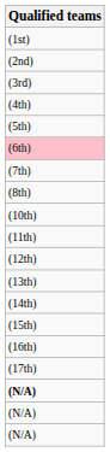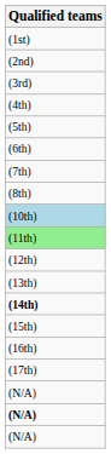 <table class="wikitable">
 <tr>
 <th>Qualified teams</th>
 </tr>
 <tr>
 <td> <small>(1st)</small></td>
 </tr>
 <tr>
 <td> <small>(2nd)</small></td>
 </tr>
 <tr>
 <td> <small>(3rd)</small></td>
 </tr>
 <tr>
 <td> <small>(4th)</small></td>
 </tr>
 <tr>
 <td> <small>(5th)</small></td>
 </tr>
 <tr>
-<td style="background: pink;"> <small>(6th)</small></td>
+<td> <small>(6th)</small></td>
 </tr>
 <tr>
 <td> <small>(7th)</small></td>
 </tr>
 <tr>
 <td> <small>(8th)</small></td>
 </tr>
 <tr>
-<td> <small>(10th)</small></td>
+<td style="background: lightblue;"> <small>(10th)</small></td>
 </tr>
 <tr>
-<td> <small>(11th)</small></td>
+<td style="background: lightgreen;"> <small>(11th)</small></td>
 </tr>
 <tr>
 <td> <small>(12th)</small></td>
 </tr>
 <tr>
 <td> <small>(13th)</small></td>
 </tr>
 <tr>
-<td> <small>(14th)</small></td>
+<td><strong> <small>(14th)</small></strong></td>
 </tr>
 <tr>
 <td> <small>(15th)</small></td>
 </tr>
 <tr>
 <td> <small>(16th)</small></td>
 </tr>
 <tr>
 <td> <small>(17th)</small></td>
 </tr>
 <tr>
+<td> <small>(N/A)</small></td>
+</tr>
+<tr>
 <td><strong> <small>(N/A)</small></strong></td>
 </tr>
 <tr>
 <td> <small>(N/A)</small></td>
 </tr>
-<tr>
-<td> <small>(N/A)</small></td>
-</tr>
 </table>
